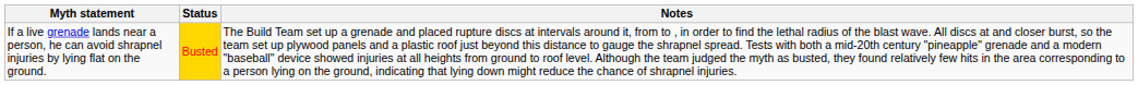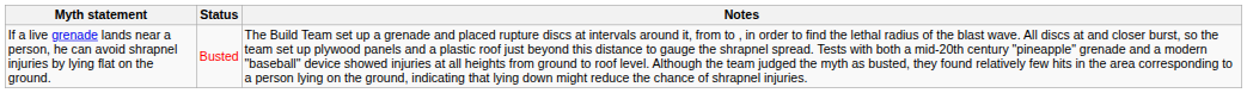 <table class="wikitable plainrowheaders">
 <tr>
 <th>Myth statement</th>
 <th>Status</th>
 <th>Notes</th>
 </tr>
 <tr>
 <td>If a live <a href='#'>grenade</a> lands near a person, he can avoid shrapnel injuries by lying flat on the ground.</td>
-<td style="background: gold; color:red">Busted</td>
+<td style="color:red">Busted</td>
 <td>The Build Team set up a grenade and placed rupture discs at  intervals around it, from  to , in order to find the lethal radius of the blast wave. All discs at  and closer burst, so the team set up plywood panels and a plastic roof just beyond this distance to gauge the shrapnel spread. Tests with both a mid-20th century "pineapple" grenade and a modern "baseball" device showed injuries at all heights from ground to roof level. Although the team judged the myth as busted, they found relatively few hits in the area corresponding to a person lying on the ground, indicating that lying down might reduce the chance of shrapnel injuries.</td>
 </tr>
 </table>
